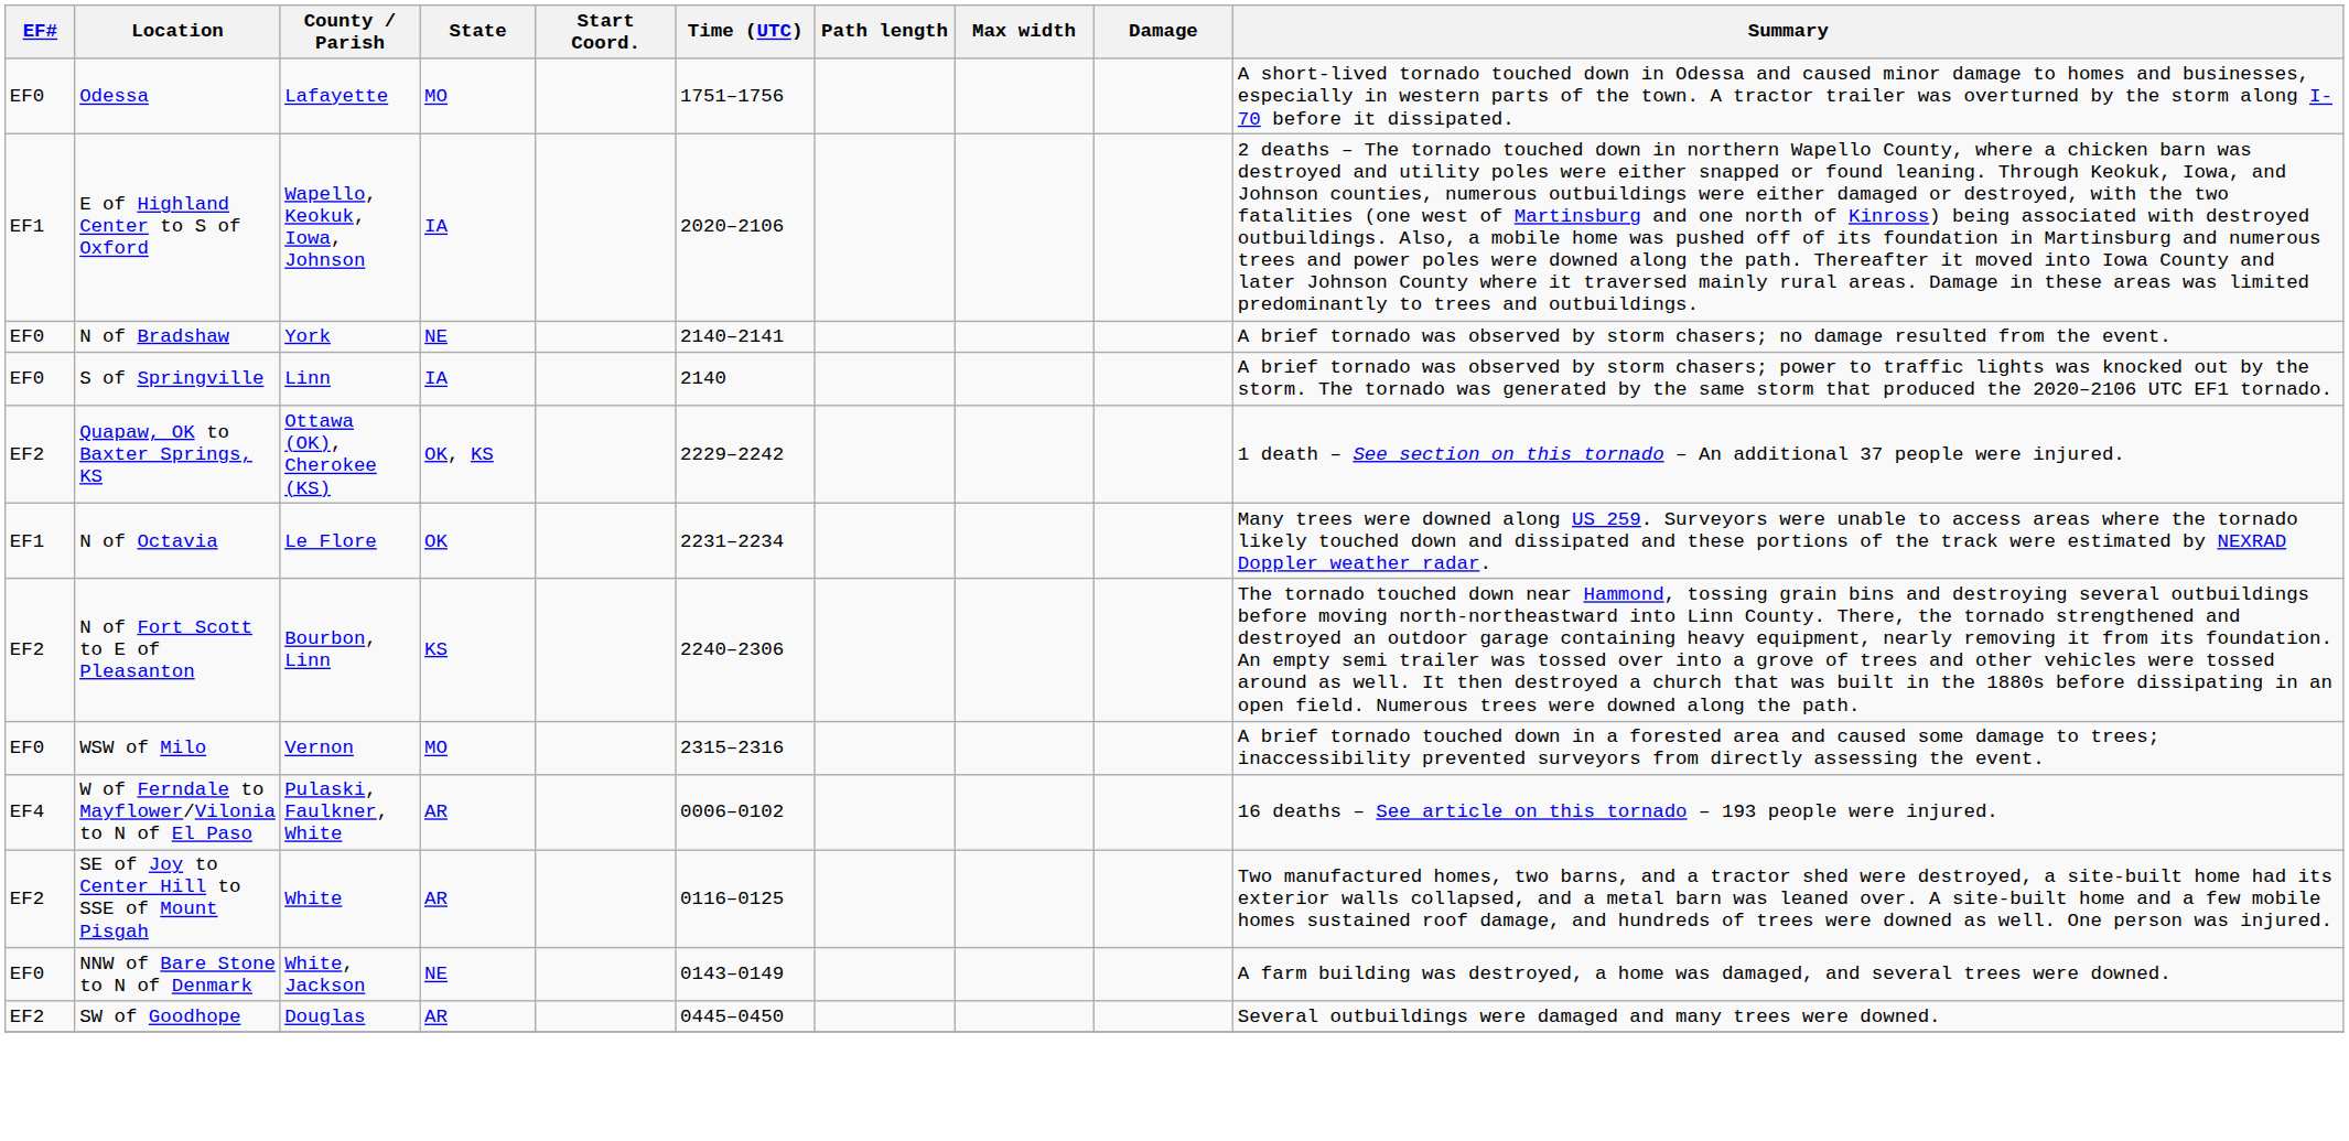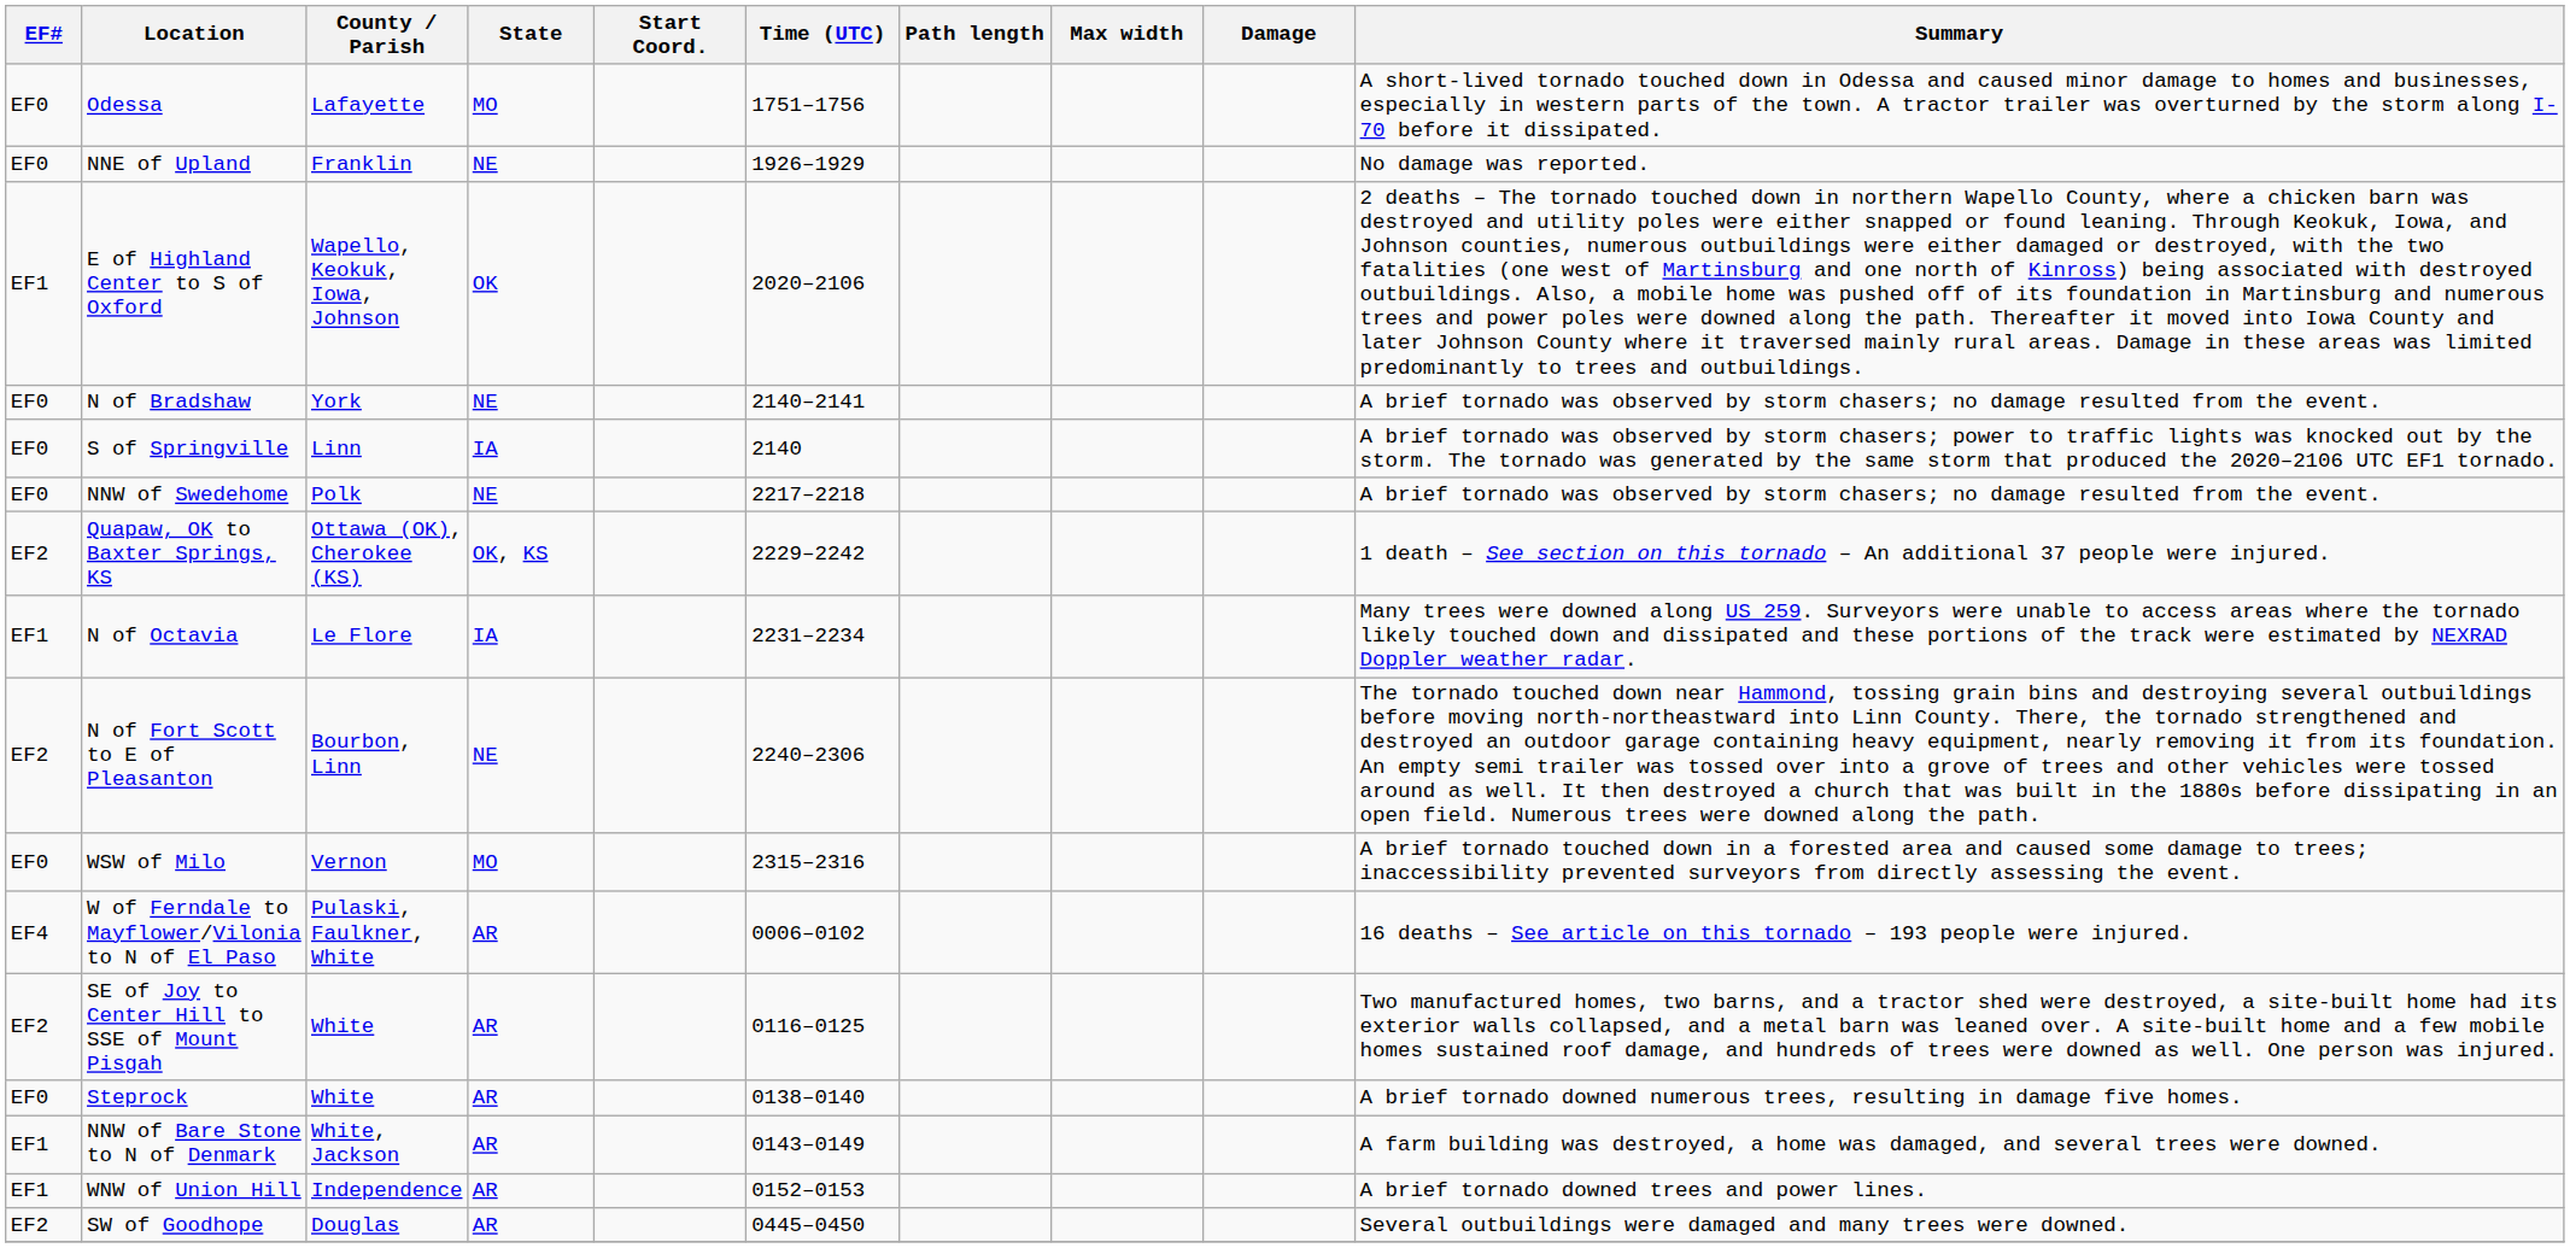 <table class="wikitable sortable" style="width:100%;">
 <tr>
 <th scope="col" width="3%" align="center"><a href='#'>EF#</a></th>
 <th scope="col" width="7%" align="center" class="unsortable">Location</th>
 <th scope="col" width="6%" align="center" class="unsortable">County / Parish</th>
 <th scope="col" width="5%" align="center">State</th>
 <th scope="col" width="6%" align="center">Start Coord.</th>
 <th scope="col" width="6%" align="center">Time (<a href='#'>UTC</a>)</th>
 <th scope="col" width="6%" align="center">Path length</th>
 <th scope="col" width="6%" align="center">Max width</th>
 <th scope="col" width="6%" align="center">Damage</th>
 <th scope="col" width="48%" class="unsortable" align="center">Summary</th>
 </tr>
 <tr>
 <td>EF0</td>
 <td><a href='#'>Odessa</a></td>
 <td><a href='#'>Lafayette</a></td>
 <td><a href='#'>MO</a></td>
 <td></td>
 <td>1751–1756</td>
 <td></td>
 <td></td>
 <td></td>
 <td>A short-lived tornado touched down in Odessa and caused minor damage to homes and businesses, especially in western parts of the town. A tractor trailer was overturned by the storm along <a href='#'>I-70</a> before it dissipated.</td>
 </tr>
 <tr>
+<td>EF0</td>
+<td>NNE of <a href='#'>Upland</a></td>
+<td><a href='#'>Franklin</a></td>
+<td><a href='#'>NE</a></td>
+<td></td>
+<td>1926–1929</td>
+<td></td>
+<td></td>
+<td></td>
+<td>No damage was reported.</td>
+</tr>
+<tr>
 <td>EF1</td>
 <td>E of <a href='#'>Highland Center</a> to S of <a href='#'>Oxford</a></td>
 <td><a href='#'>Wapello</a>, <a href='#'>Keokuk</a>, <a href='#'>Iowa</a>, <a href='#'>Johnson</a></td>
-<td><a href='#'>IA</a></td>
+<td><a href='#'>OK</a></td>
 <td></td>
 <td>2020–2106</td>
 <td></td>
 <td></td>
 <td></td>
 <td>2 deaths – The tornado touched down in northern Wapello County, where a chicken barn was destroyed and utility poles were either snapped or found leaning. Through Keokuk, Iowa, and Johnson counties, numerous outbuildings were either damaged or destroyed, with the two fatalities (one west of <a href='#'>Martinsburg</a> and one north of <a href='#'>Kinross</a>) being associated with destroyed outbuildings. Also, a mobile home was pushed off of its foundation in Martinsburg and numerous trees and power poles were downed along the path. Thereafter it moved into Iowa County and later Johnson County where it traversed mainly rural areas. Damage in these areas was limited predominantly to trees and outbuildings.</td>
 </tr>
 <tr>
 <td>EF0</td>
 <td>N of <a href='#'>Bradshaw</a></td>
 <td><a href='#'>York</a></td>
 <td><a href='#'>NE</a></td>
 <td></td>
 <td>2140–2141</td>
 <td></td>
 <td></td>
 <td></td>
 <td>A brief tornado was observed by storm chasers; no damage resulted from the event.</td>
 </tr>
 <tr>
 <td>EF0</td>
 <td>S of <a href='#'>Springville</a></td>
 <td><a href='#'>Linn</a></td>
 <td><a href='#'>IA</a></td>
 <td></td>
 <td>2140</td>
 <td></td>
 <td></td>
 <td></td>
 <td>A brief tornado was observed by storm chasers; power to traffic lights was knocked out by the storm. The tornado was generated by the same storm that produced the 2020–2106 UTC EF1 tornado.</td>
 </tr>
 <tr>
+<td>EF0</td>
+<td>NNW of <a href='#'>Swedehome</a></td>
+<td><a href='#'>Polk</a></td>
+<td><a href='#'>NE</a></td>
+<td></td>
+<td>2217–2218</td>
+<td></td>
+<td></td>
+<td></td>
+<td>A brief tornado was observed by storm chasers; no damage resulted from the event.</td>
+</tr>
+<tr>
 <td>EF2</td>
 <td><a href='#'>Quapaw, OK</a> to <a href='#'>Baxter Springs, KS</a></td>
 <td><a href='#'>Ottawa (OK)</a>, <a href='#'>Cherokee (KS)</a></td>
 <td><a href='#'>OK</a>, <a href='#'>KS</a></td>
 <td></td>
 <td>2229–2242</td>
 <td></td>
 <td></td>
 <td></td>
 <td>1 death – <em><a href='#'>See section on this tornado</a></em> – An additional 37 people were injured.</td>
 </tr>
 <tr>
 <td>EF1</td>
 <td>N of <a href='#'>Octavia</a></td>
 <td><a href='#'>Le Flore</a></td>
-<td><a href='#'>OK</a></td>
+<td><a href='#'>IA</a></td>
 <td></td>
 <td>2231–2234</td>
 <td></td>
 <td></td>
 <td></td>
 <td>Many trees were downed along <a href='#'>US 259</a>. Surveyors were unable to access areas where the tornado likely touched down and dissipated and these portions of the track were estimated by <a href='#'>NEXRAD</a> <a href='#'>Doppler weather radar</a>.</td>
 </tr>
 <tr>
 <td>EF2</td>
 <td>N of <a href='#'>Fort Scott</a> to E of <a href='#'>Pleasanton</a></td>
 <td><a href='#'>Bourbon</a>, <a href='#'>Linn</a></td>
-<td><a href='#'>KS</a></td>
+<td><a href='#'>NE</a></td>
 <td></td>
 <td>2240–2306</td>
 <td></td>
 <td></td>
 <td></td>
 <td>The tornado touched down near <a href='#'>Hammond</a>, tossing grain bins and destroying several outbuildings before moving north-northeastward into Linn County. There, the tornado strengthened and destroyed an outdoor garage containing heavy equipment, nearly removing it from its foundation. An empty semi trailer was tossed over  into a grove of trees and other vehicles were tossed around as well. It then destroyed a church that was built in the 1880s before dissipating in an open field. Numerous trees were downed along the path.</td>
 </tr>
 <tr>
 <td>EF0</td>
 <td>WSW of <a href='#'>Milo</a></td>
 <td><a href='#'>Vernon</a></td>
 <td><a href='#'>MO</a></td>
 <td></td>
 <td>2315–2316</td>
 <td></td>
 <td></td>
 <td></td>
 <td>A brief tornado touched down in a forested area and caused some damage to trees; inaccessibility prevented surveyors from directly assessing the event.</td>
 </tr>
 <tr>
 <td>EF4</td>
 <td>W of <a href='#'>Ferndale</a> to <a href='#'>Mayflower</a>/<a href='#'>Vilonia</a> to N of <a href='#'>El Paso</a></td>
 <td><a href='#'>Pulaski</a>, <a href='#'>Faulkner</a>, <a href='#'>White</a></td>
 <td><a href='#'>AR</a></td>
 <td></td>
 <td>0006–0102</td>
 <td></td>
 <td></td>
 <td></td>
 <td>16 deaths – <a href='#'>See article on this tornado</a> – 193 people were injured.</td>
 </tr>
 <tr>
 <td>EF2</td>
 <td>SE of <a href='#'>Joy</a> to <a href='#'>Center Hill</a> to SSE of <a href='#'>Mount Pisgah</a></td>
 <td><a href='#'>White</a></td>
 <td><a href='#'>AR</a></td>
 <td></td>
 <td>0116–0125</td>
 <td></td>
 <td></td>
 <td></td>
 <td>Two manufactured homes, two barns, and a tractor shed were destroyed, a site-built home had its exterior walls collapsed, and a metal barn was leaned over. A site-built home and a few mobile homes sustained roof damage, and hundreds of trees were downed as well. One person was injured.</td>
 </tr>
 <tr>
 <td>EF0</td>
+<td><a href='#'>Steprock</a></td>
+<td><a href='#'>White</a></td>
+<td><a href='#'>AR</a></td>
+<td></td>
+<td>0138–0140</td>
+<td></td>
+<td></td>
+<td></td>
+<td>A brief tornado downed numerous trees, resulting in damage five homes.</td>
+</tr>
+<tr>
+<td>EF1</td>
 <td>NNW of <a href='#'>Bare Stone</a> to N of <a href='#'>Denmark</a></td>
 <td><a href='#'>White</a>, <a href='#'>Jackson</a></td>
-<td><a href='#'>NE</a></td>
+<td><a href='#'>AR</a></td>
 <td></td>
 <td>0143–0149</td>
 <td></td>
 <td></td>
 <td></td>
 <td>A farm building was destroyed, a home was damaged, and several trees were downed.</td>
+</tr>
+<tr>
+<td>EF1</td>
+<td>WNW of <a href='#'>Union Hill</a></td>
+<td><a href='#'>Independence</a></td>
+<td><a href='#'>AR</a></td>
+<td></td>
+<td>0152–0153</td>
+<td></td>
+<td></td>
+<td></td>
+<td>A brief tornado downed trees and power lines.</td>
 </tr>
 <tr>
 <td>EF2</td>
 <td>SW of <a href='#'>Goodhope</a></td>
 <td><a href='#'>Douglas</a></td>
 <td><a href='#'>AR</a></td>
 <td></td>
 <td>0445–0450</td>
 <td></td>
 <td></td>
 <td></td>
 <td>Several outbuildings were damaged and many trees were downed.</td>
 </tr>
 <tr>
 </tr>
 </table>
